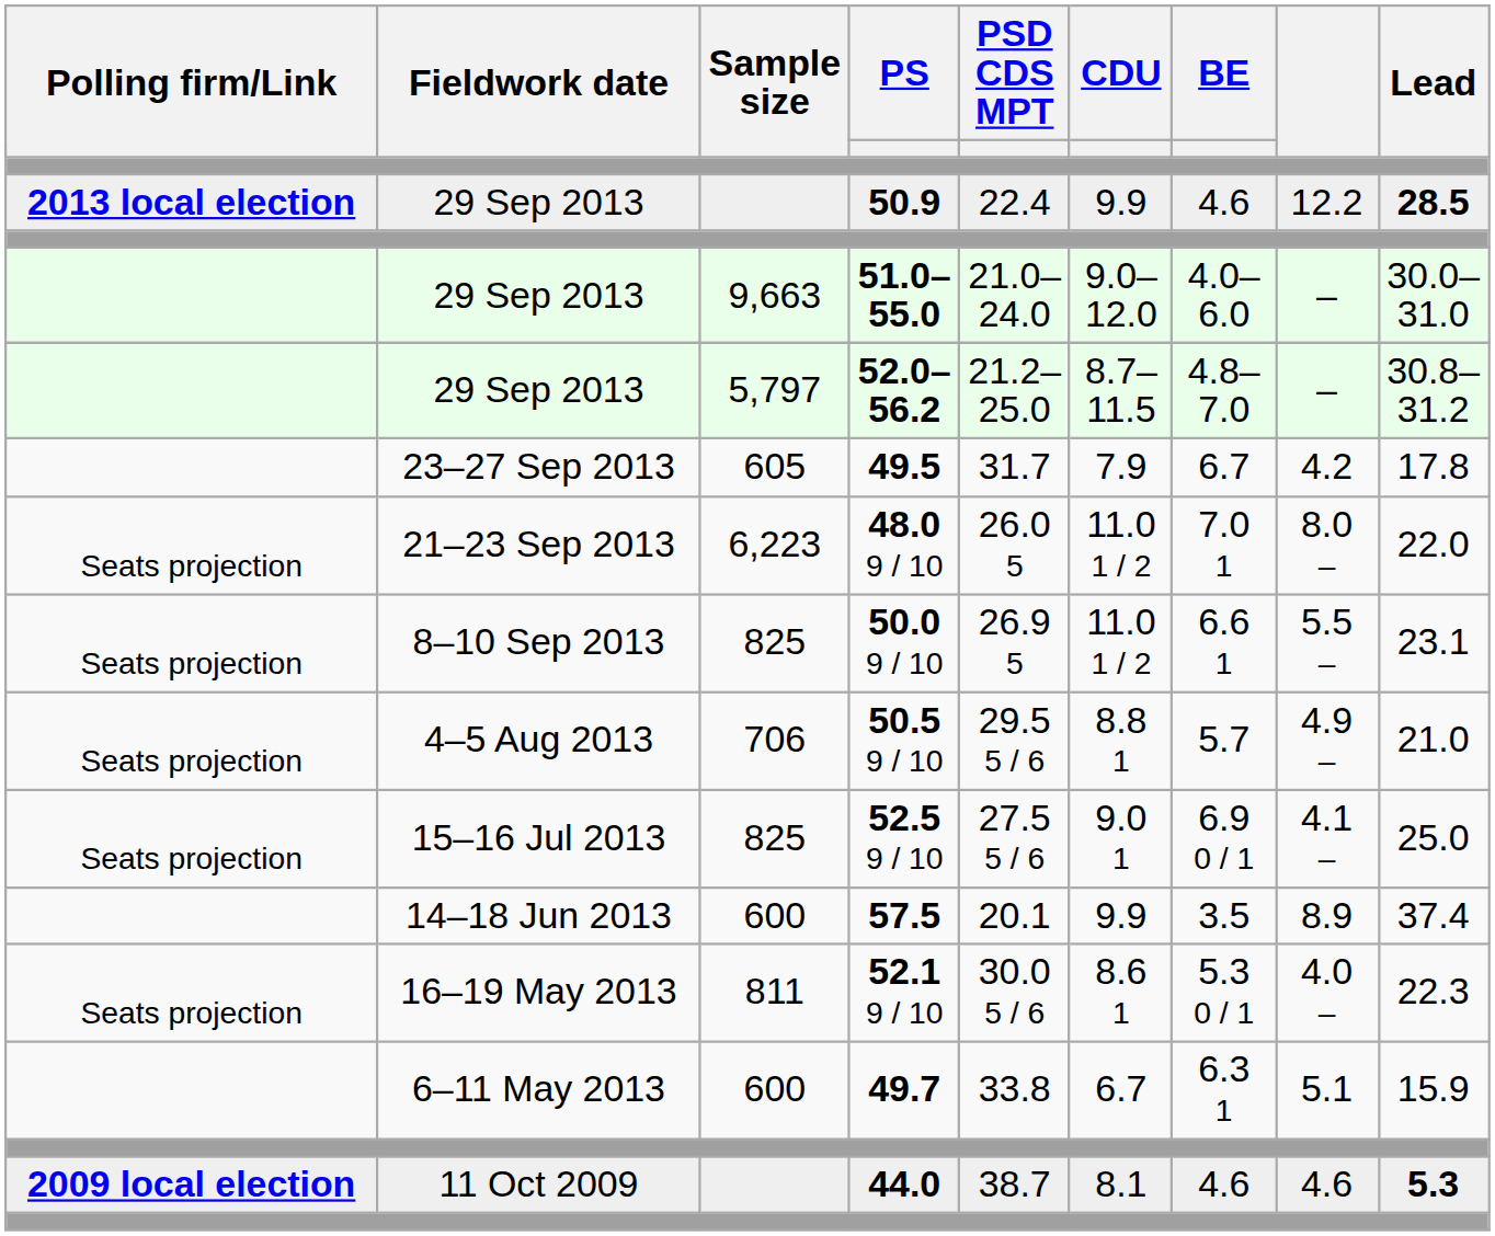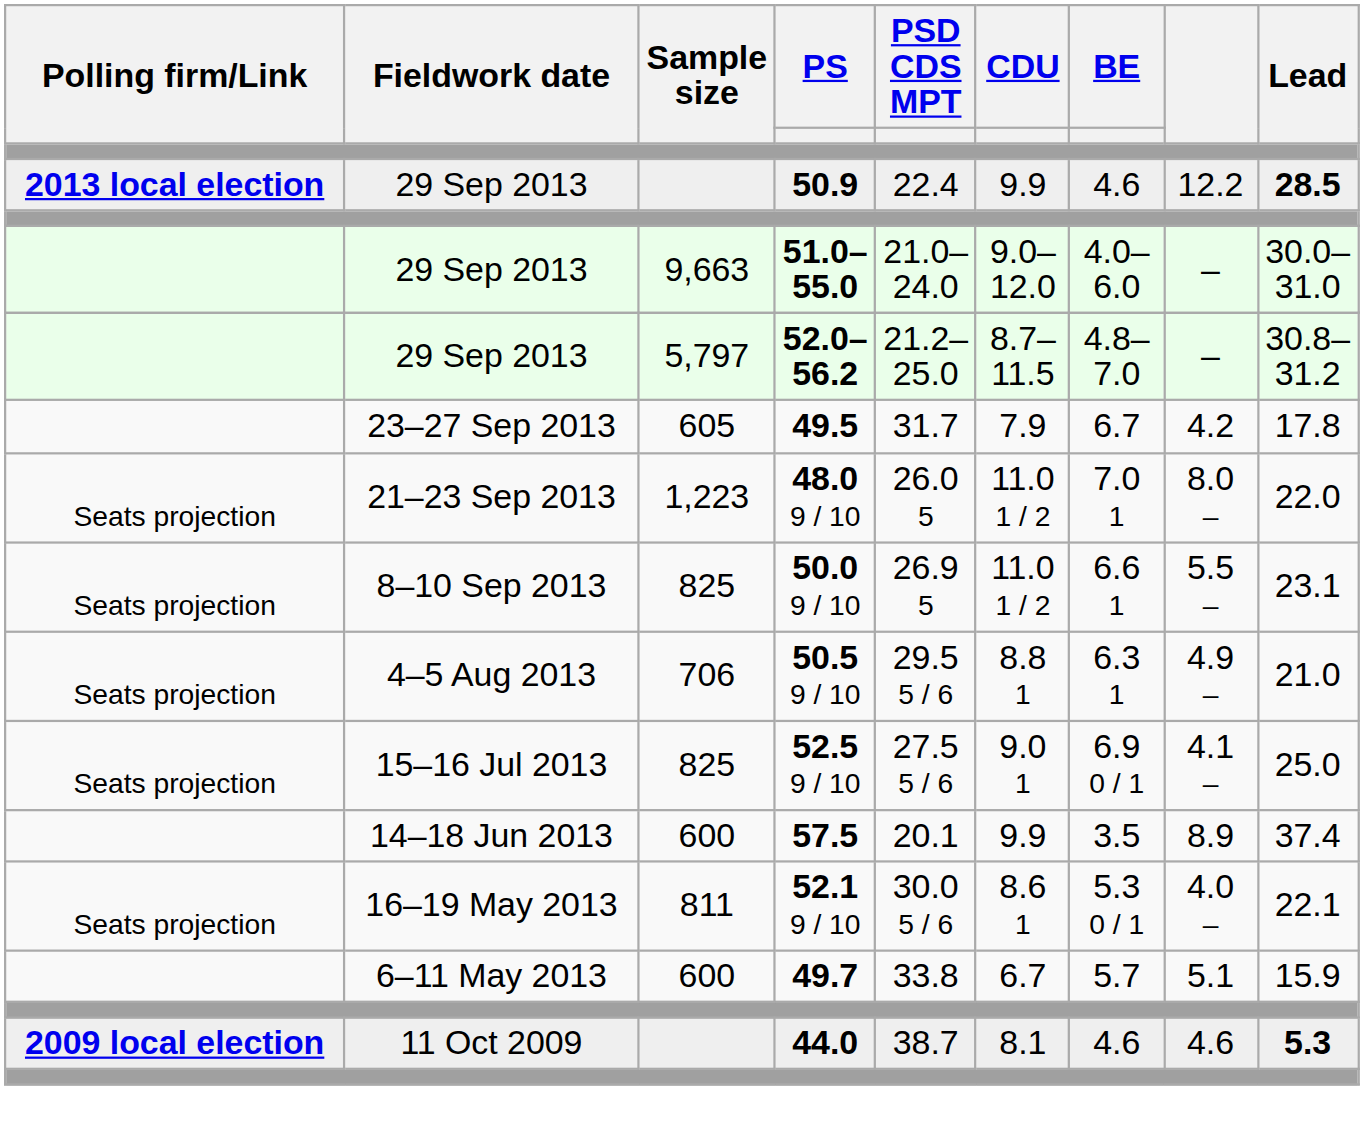 <table class="wikitable collapsible sortable" style="text-align:center; font-size:95%; line-height:16px;">
 <tr style="height:42px;">
 <th style="width:145px;" rowspan="2">Polling firm/Link</th>
 <th style="width:125px;" rowspan="2">Fieldwork date</th>
 <th class="unsortable" style="width:50px;" rowspan="2">Sample size</th>
 <th class="unsortable" style="width:36px;"><a href='#'>PS</a></th>
 <th class="unsortable" style="width:35px;"><a href='#'>PSD</a><br><a href='#'>CDS</a><br><a href='#'>MPT</a></th>
 <th class="unsortable" style="width:35px;"><a href='#'>CDU</a></th>
 <th class="unsortable" style="width:35px;"><a href='#'>BE</a></th>
 <th class="unsortable" style="width:35px;" rowspan="2"></th>
 <th class="unsortable" style="width:30px;" rowspan="2">Lead</th>
 </tr>
 <tr>
 <th class="unsortable" style="color:inherit;background:"></th>
 <th class="unsortable" style="color:inherit;background:"></th>
 <th class="unsortable" style="color:inherit;background:"></th>
 <th class="unsortable" style="color:inherit;background:"></th>
 </tr>
 <tr>
 <td colspan="12" style="background:#A0A0A0"></td>
 </tr>
 <tr style="background:#EFEFEF;">
 <td><strong><a href='#'>2013 local election</a></strong></td>
 <td data-sort-value="2019-10-06">29 Sep 2013</td>
 <td></td>
 <td><strong>50.9</strong><br></td>
 <td>22.4<br></td>
 <td>9.9<br></td>
 <td>4.6<br></td>
 <td>12.2<br></td>
 <td style="background:"><strong>28.5</strong></td>
 </tr>
 <tr>
 <td colspan="12" style="background:#A0A0A0"></td>
 </tr>
 <tr>
 </tr>
 <tr style="background:#EAFFEA"|>
 <td></td>
 <td data-sort-value="2019-10-06">29 Sep 2013</td>
 <td>9,663</td>
 <td><strong>51.0–<br>55.0</strong><br></td>
 <td>21.0–<br>24.0<br></td>
 <td>9.0–<br>12.0<br></td>
 <td>4.0–<br>6.0<br></td>
 <td>–</td>
 <td style="background:">30.0–<br>31.0</td>
 </tr>
 <tr>
 </tr>
 <tr style="background:#EAFFEA"|>
 <td></td>
 <td data-sort-value="2019-10-06">29 Sep 2013</td>
 <td>5,797</td>
 <td><strong>52.0–<br>56.2</strong><br></td>
 <td>21.2–<br>25.0<br></td>
 <td>8.7–<br>11.5<br></td>
 <td>4.8–<br>7.0<br></td>
 <td>–</td>
 <td style="background:">30.8–<br>31.2</td>
 </tr>
 <tr>
 <td align="center"></td>
 <td align="center">23–27 Sep 2013</td>
 <td>605</td>
 <td align="center" ><strong>49.5</strong></td>
 <td align="center">31.7</td>
 <td align="center">7.9</td>
 <td align="center">6.7</td>
 <td align="center">4.2</td>
 <td style="background:">17.8</td>
 </tr>
 <tr>
 <td align="center"><br><small>Seats projection</small></td>
 <td align="center">21–23 Sep 2013</td>
-<td>6,223</td>
+<td>1,223</td>
 <td align="center" ><strong>48.0</strong><br><small>9 / 10</small></td>
 <td align="center">26.0<br><small>5</small></td>
 <td align="center">11.0<br><small>1 / 2</small></td>
 <td align="center">7.0<br><small>1 </small></td>
 <td align="center">8.0<br><small> – </small></td>
 <td style="background:">22.0</td>
 </tr>
 <tr>
 <td align="center"><br><small>Seats projection</small></td>
 <td align="center">8–10 Sep 2013</td>
 <td>825</td>
 <td align="center" ><strong>50.0</strong><br><small>9 / 10</small></td>
 <td align="center">26.9<br><small>5</small></td>
 <td align="center">11.0<br><small>1 / 2</small></td>
 <td align="center">6.6<br><small>1 </small></td>
 <td align="center">5.5<br><small> – </small></td>
 <td style="background:">23.1</td>
 </tr>
 <tr>
 <td align="center"><br><small>Seats projection</small></td>
 <td align="center">4–5 Aug 2013</td>
 <td>706</td>
 <td align="center" ><strong>50.5</strong><br><small>9 / 10 </small></td>
 <td align="center">29.5<br><small>5 / 6 </small></td>
 <td align="center">8.8<br><small>1</small></td>
-<td align="center">5.7</td>
+<td align="center">6.3<br><small>1</small></td>
 <td align="center">4.9<br><small> – </small></td>
 <td style="background:">21.0</td>
 </tr>
 <tr>
 <td align="center"><br><small>Seats projection</small></td>
 <td align="center">15–16 Jul 2013</td>
 <td>825</td>
 <td align="center" ><strong>52.5</strong><br><small>9 / 10 </small></td>
 <td align="center">27.5<br><small>5 / 6 </small></td>
 <td align="center">9.0<br><small>1</small></td>
 <td align="center">6.9<br><small>0 / 1</small></td>
 <td align="center">4.1<br><small> – </small></td>
 <td style="background:">25.0</td>
 </tr>
 <tr>
 <td align="center"></td>
 <td align="center">14–18 Jun 2013</td>
 <td>600</td>
 <td align="center" ><strong>57.5</strong></td>
 <td align="center">20.1</td>
 <td align="center">9.9</td>
 <td align="center">3.5</td>
 <td align="center">8.9</td>
 <td style="background:">37.4</td>
 </tr>
 <tr>
 <td align="center"><br><small>Seats projection</small></td>
 <td align="center">16–19 May 2013</td>
 <td>811</td>
 <td align="center" ><strong>52.1</strong><br><small>9 / 10 </small></td>
 <td align="center">30.0<br><small>5 / 6 </small></td>
 <td align="center">8.6<br><small>1</small></td>
 <td align="center">5.3<br><small>0 / 1</small></td>
 <td align="center">4.0<br><small> – </small></td>
-<td style="background:">22.3</td>
+<td style="background:">22.1</td>
 </tr>
 <tr>
 <td align="center"></td>
 <td align="center">6–11 May 2013</td>
 <td>600</td>
 <td align="center" ><strong>49.7</strong></td>
 <td align="center">33.8</td>
 <td align="center">6.7</td>
-<td align="center">6.3<br><small>1</small></td>
+<td align="center">5.7</td>
 <td align="center">5.1</td>
 <td style="background:">15.9</td>
 </tr>
 <tr>
 <td colspan="11" style="background:#A0A0A0"></td>
 </tr>
 <tr style="background:#EFEFEF;">
 <td><strong><a href='#'>2009 local election</a></strong></td>
 <td data-sort-value="2019-10-06">11 Oct 2009</td>
 <td></td>
 <td><strong>44.0</strong><br></td>
 <td>38.7<br></td>
 <td>8.1<br></td>
 <td>4.6<br></td>
 <td>4.6<br></td>
 <td style="background:"><strong>5.3</strong></td>
 </tr>
 <tr>
 <td colspan="11" style="background:#A0A0A0"></td>
 </tr>
 </table>
